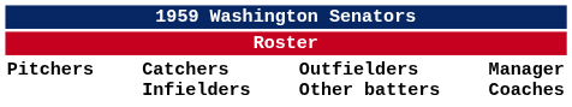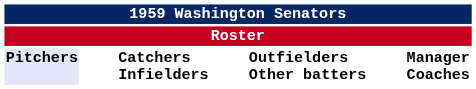 <table class="toccolours" style="font-size: 95%;">
 <tr>
 <th colspan="10" style="background-color: #072764; color: white; text-align: center;">1959 Washington Senators</th>
 </tr>
 <tr>
 <td colspan="10" style="background-color: #c6011f; color: white; text-align: center;"><strong>Roster</strong></td>
 </tr>
 <tr>
-<td valign="top"><strong>Pitchers</strong><br>               </td>
+<td valign="top" style="background: lavender;"><strong>Pitchers</strong><br>               </td>
 <td width="25px"></td>
 <td valign="top"><strong>Catchers</strong><br>     <strong>Infielders</strong>            </td>
 <td width="25px"></td>
 <td valign="top"><strong>Outfielders</strong><br>      <strong>Other batters</strong> </td>
 <td width="25px"></td>
 <td valign="top"><strong>Manager</strong><br> <strong>Coaches</strong>    </td>
 </tr>
 <tr>
 </tr>
 </table>
